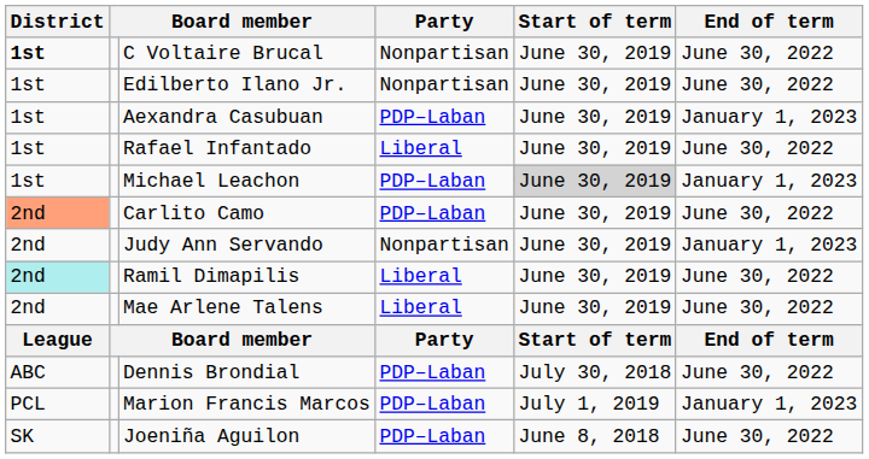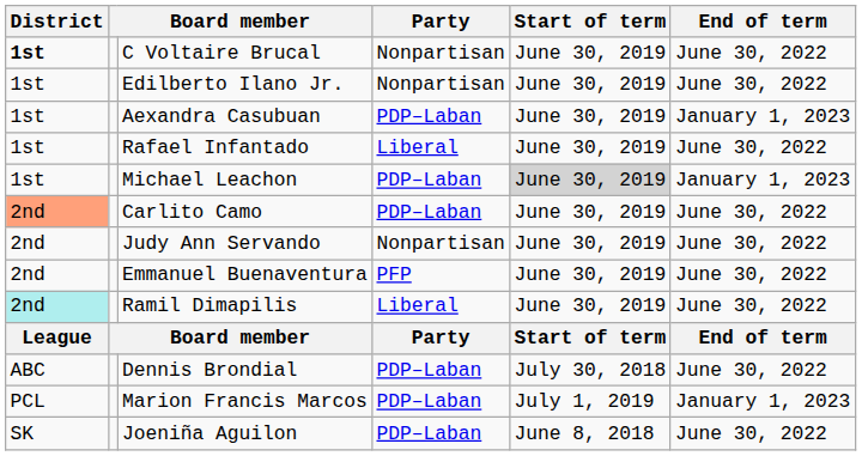 <table class="wikitable">
 <tr>
 <th>District</th>
 <th colspan="2">Board member</th>
 <th>Party</th>
 <th>Start of term</th>
 <th>End of term</th>
 </tr>
 <tr>
 <td><strong>1st</strong></td>
 <td></td>
 <td>C Voltaire Brucal</td>
 <td>Nonpartisan</td>
 <td>June 30, 2019</td>
 <td>June 30, 2022</td>
 </tr>
 <tr>
 <td>1st</td>
 <td></td>
 <td>Edilberto Ilano Jr.</td>
 <td>Nonpartisan</td>
 <td>June 30, 2019</td>
 <td>June 30, 2022</td>
 </tr>
 <tr>
 <td>1st</td>
 <td></td>
 <td>Aexandra Casubuan</td>
 <td><a href='#'>PDP–Laban</a></td>
 <td>June 30, 2019</td>
 <td>January 1, 2023</td>
 </tr>
 <tr>
 <td>1st</td>
 <td></td>
 <td>Rafael Infantado</td>
 <td><a href='#'>Liberal</a></td>
 <td>June 30, 2019</td>
 <td>June 30, 2022</td>
 </tr>
 <tr>
 <td>1st</td>
 <td></td>
 <td>Michael Leachon</td>
 <td><a href='#'>PDP–Laban</a></td>
 <td style="background: lightgrey;">June 30, 2019</td>
 <td>January 1, 2023</td>
 </tr>
 <tr>
 <td style="background: lightsalmon;">2nd</td>
 <td></td>
 <td>Carlito Camo</td>
 <td><a href='#'>PDP–Laban</a></td>
 <td>June 30, 2019</td>
 <td>June 30, 2022</td>
 </tr>
 <tr>
 <td>2nd</td>
 <td></td>
 <td>Judy Ann Servando</td>
 <td>Nonpartisan</td>
 <td>June 30, 2019</td>
-<td>January 1, 2023</td>
+<td>June 30, 2022</td>
+</tr>
+<tr>
+<td>2nd</td>
+<td></td>
+<td>Emmanuel Buenaventura</td>
+<td><a href='#'>PFP</a></td>
+<td>June 30, 2019</td>
+<td>June 30, 2022</td>
 </tr>
 <tr>
 <td style="background: paleturquoise;">2nd</td>
 <td></td>
 <td>Ramil Dimapilis</td>
-<td><a href='#'>Liberal</a></td>
-<td>June 30, 2019</td>
-<td>June 30, 2022</td>
-</tr>
-<tr>
-<td>2nd</td>
-<td></td>
-<td>Mae Arlene Talens</td>
 <td><a href='#'>Liberal</a></td>
 <td>June 30, 2019</td>
 <td>June 30, 2022</td>
 </tr>
 <tr>
 <th>League</th>
 <th colspan="2">Board member</th>
 <th>Party</th>
 <th>Start of term</th>
 <th>End of term</th>
 </tr>
 <tr>
 <td>ABC</td>
 <td></td>
 <td>Dennis Brondial</td>
 <td><a href='#'>PDP–Laban</a></td>
 <td>July 30, 2018</td>
 <td>June 30, 2022</td>
 </tr>
 <tr>
 <td>PCL</td>
 <td></td>
 <td>Marion Francis Marcos</td>
 <td><a href='#'>PDP–Laban</a></td>
 <td>July 1, 2019</td>
 <td>January 1, 2023</td>
 </tr>
 <tr>
 <td>SK</td>
 <td></td>
 <td>Joeniña Aguilon</td>
 <td><a href='#'>PDP–Laban</a></td>
 <td>June 8, 2018</td>
 <td>June 30, 2022</td>
 </tr>
 </table>
